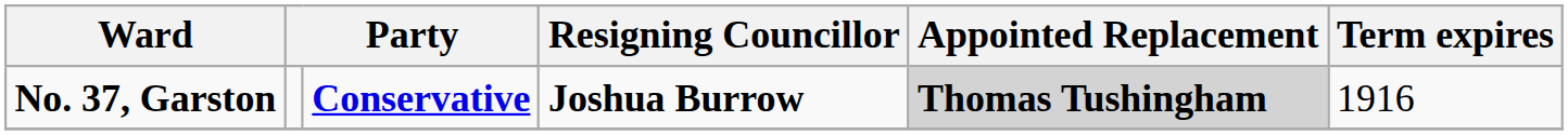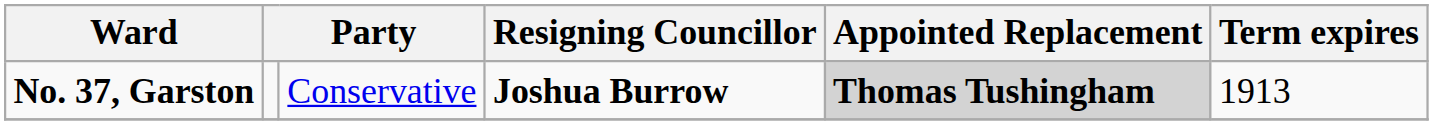 <table class="wikitable">
 <tr>
 <th>Ward</th>
 <th colspan="2">Party</th>
 <th>Resigning Councillor</th>
 <th>Appointed Replacement</th>
 <th>Term expires</th>
 </tr>
 <tr>
 <td><strong>No. 37, Garston</strong></td>
 <td style="background-color:"></td>
-<td><strong><a href='#'>Conservative</a></strong></td>
+<td><a href='#'>Conservative</a></td>
 <td><strong>Joshua Burrow</strong></td>
 <td style="background: lightgrey;"><strong>Thomas Tushingham</strong></td>
-<td>1916</td>
+<td>1913</td>
 </tr>
 <tr>
 </tr>
 </table>
